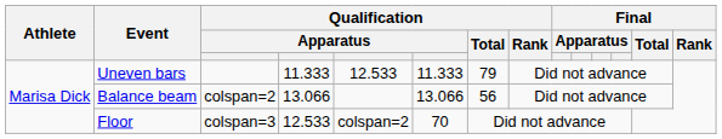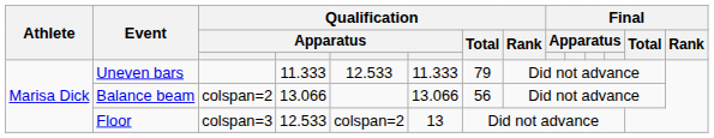 <table class="wikitable" style="font-size:90%">
 <tr>
 <th rowspan=3>Athlete</th>
 <th rowspan=3>Event</th>
 <th colspan=6>Qualification</th>
 <th colspan=6>Final</th>
 </tr>
 <tr style="font-size:95%">
 <th colspan=4>Apparatus</th>
 <th rowspan=2>Total</th>
 <th rowspan=2>Rank</th>
 <th colspan=4>Apparatus</th>
 <th rowspan=2>Total</th>
 <th rowspan=2>Rank</th>
 </tr>
 <tr style="font-size:95%">
 <th></th>
 <th></th>
 <th></th>
 <th></th>
 <th></th>
 <th></th>
 <th></th>
 <th></th>
 </tr>
 <tr align=center>
 <td align=left rowspan=3><a href='#'>Marisa Dick</a></td>
 <td align=left><a href='#'>Uneven bars</a></td>
 <td></td>
 <td>11.333</td>
 <td>12.533</td>
 <td>11.333</td>
 <td>79</td>
 <td colspan=6>Did not advance</td>
 </tr>
 <tr align=center>
 <td align=left><a href='#'>Balance beam</a></td>
 <td>colspan=2 </td>
 <td>13.066</td>
 <td></td>
 <td>13.066</td>
 <td>56</td>
 <td colspan=6>Did not advance</td>
 </tr>
 <tr align=center>
 <td align=left><a href='#'>Floor</a></td>
 <td>colspan=3 </td>
 <td>12.533</td>
 <td>colspan=2 </td>
-<td>70</td>
+<td>13</td>
 <td colspan=6>Did not advance</td>
 </tr>
 </table>
